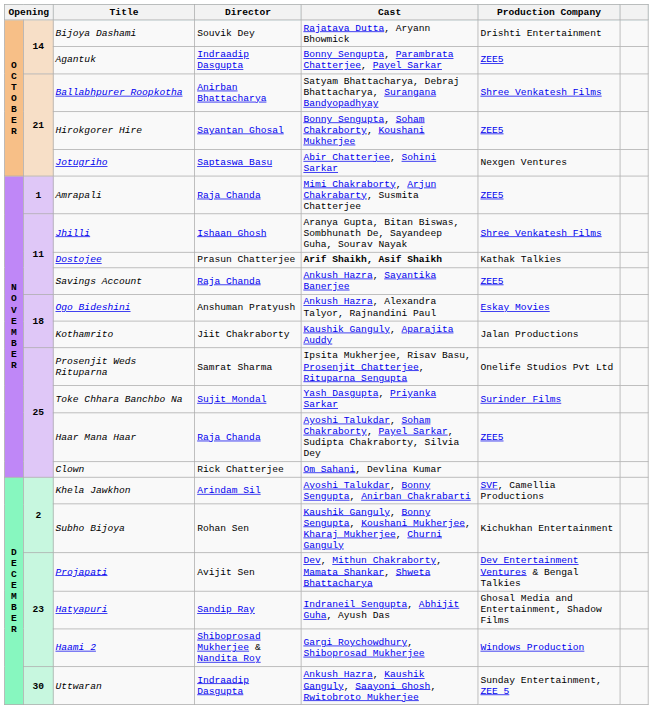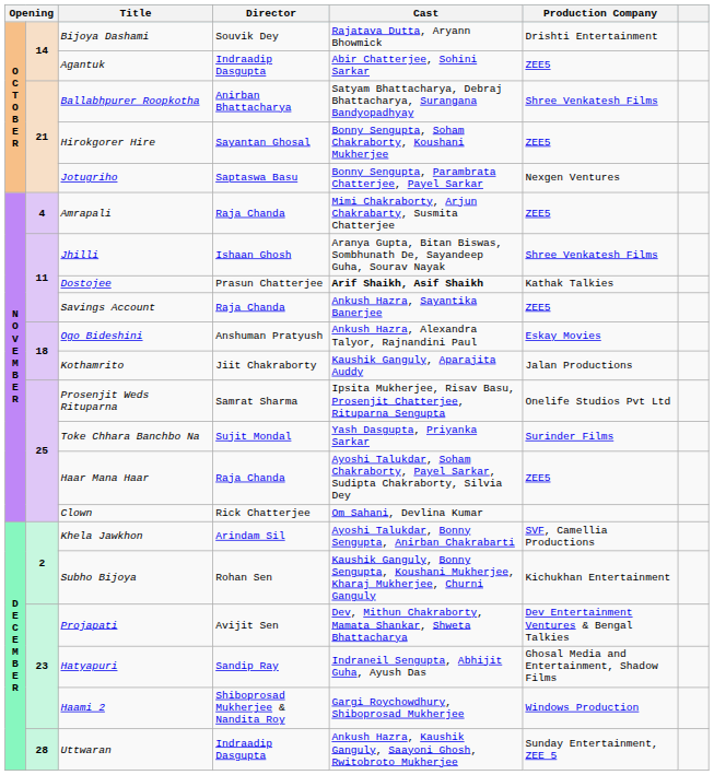 <table class="wikitable sortable">
 <tr style="background:#b0e0e6; text-align:center;">
 <th colspan="2" style="width:6%;"><strong>Opening</strong></th>
 <th style="width:20%;"><strong>Title</strong></th>
 <th style="width:15%;"><strong>Director</strong></th>
 <th style="width:25%;"><strong>Cast</strong></th>
 <th style="width:20%;">Production Company</th>
 <th style="width:4%;"><strong></strong></th>
 </tr>
 <tr>
 <th rowspan="5" style="text-align:center; background:#f7bf87; text color:#000;">O<br>C<br>T<br>O<br>B<br>E<br>R</th>
 <td rowspan="2" style="text-align:center; background:#f7dfc7"><strong>14</strong></td>
 <td><em>Bijoya Dashami</em></td>
 <td>Souvik Dey</td>
 <td><a href='#'>Rajatava Dutta</a>, Aryann Bhowmick</td>
 <td>Drishti Entertainment</td>
 <td></td>
 </tr>
 <tr>
 <td><em>Agantuk</em></td>
 <td><a href='#'>Indraadip Dasgupta</a></td>
-<td><a href='#'>Bonny Sengupta</a>, <a href='#'>Parambrata Chatterjee</a>, <a href='#'>Payel Sarkar</a></td>
+<td><a href='#'>Abir Chatterjee</a>, <a href='#'>Sohini Sarkar</a></td>
 <td><a href='#'>ZEE5</a></td>
 <td></td>
 </tr>
 <tr>
 <td rowspan="3" style="text-align:center; background:#f7dfc7"><strong>21</strong></td>
 <td><em><a href='#'>Ballabhpurer Roopkotha</a></em></td>
 <td><a href='#'>Anirban Bhattacharya</a></td>
 <td>Satyam Bhattacharya, Debraj Bhattacharya, <a href='#'>Surangana Bandyopadhyay</a></td>
 <td><a href='#'>Shree Venkatesh Films</a></td>
 <td></td>
 </tr>
 <tr>
 <td><em>Hirokgorer Hire</em></td>
 <td><a href='#'>Sayantan Ghosal</a></td>
 <td><a href='#'>Bonny Sengupta</a>, <a href='#'>Soham Chakraborty</a>, <a href='#'>Koushani Mukherjee</a></td>
 <td><a href='#'>ZEE5</a></td>
 <td></td>
 </tr>
 <tr>
 <td><em><a href='#'>Jotugriho</a></em></td>
 <td><a href='#'>Saptaswa Basu</a></td>
-<td><a href='#'>Abir Chatterjee</a>, <a href='#'>Sohini Sarkar</a></td>
+<td><a href='#'>Bonny Sengupta</a>, <a href='#'>Parambrata Chatterjee</a>, <a href='#'>Payel Sarkar</a></td>
 <td>Nexgen Ventures</td>
 <td></td>
 </tr>
 <tr>
 <th rowspan="10" style="text-align:center; background:#bf87f7">N<br>O<br>V<br>E<br>M<br>B<br>E<br>R<br></th>
-<td rowspan="1" style="text-align:center; background:#dfc7f7"><strong>1</strong></td>
+<td rowspan="1" style="text-align:center; background:#dfc7f7"><strong>4</strong></td>
 <td><em>Amrapali</em></td>
 <td><a href='#'>Raja Chanda</a></td>
 <td><a href='#'>Mimi Chakraborty</a>, <a href='#'>Arjun Chakrabarty</a>, Susmita Chatterjee</td>
 <td><a href='#'>ZEE5</a></td>
 <td></td>
 </tr>
 <tr>
 <td rowspan="3" style="text-align:center; background:#dfc7f7"><strong>11</strong></td>
 <td><em><a href='#'>Jhilli</a></em></td>
 <td><a href='#'>Ishaan Ghosh</a></td>
 <td>Aranya Gupta, Bitan Biswas, Sombhunath De, Sayandeep Guha, Sourav Nayak</td>
 <td><a href='#'>Shree Venkatesh Films</a></td>
 <td></td>
 </tr>
 <tr>
 <td><em><a href='#'>Dostojee</a></em></td>
 <td>Prasun Chatterjee</td>
 <td><strong>Arif Shaikh, Asif Shaikh</strong></td>
 <td>Kathak Talkies</td>
 <td></td>
 </tr>
 <tr>
 <td><em>Savings Account</em></td>
 <td><a href='#'>Raja Chanda</a></td>
 <td><a href='#'>Ankush Hazra</a>, <a href='#'>Sayantika Banerjee</a></td>
 <td><a href='#'>ZEE5</a></td>
 <td></td>
 </tr>
 <tr>
 <td rowspan="2" style="text-align:center; background:#dfc7f7"><strong>18</strong></td>
 <td><em><a href='#'>Ogo Bideshini</a></em></td>
 <td>Anshuman Pratyush</td>
 <td><a href='#'>Ankush Hazra</a>, Alexandra Talyor, Rajnandini Paul</td>
 <td><a href='#'>Eskay Movies</a></td>
 <td></td>
 </tr>
 <tr>
 <td><em>Kothamrito</em></td>
 <td>Jiit Chakraborty</td>
 <td><a href='#'>Kaushik Ganguly</a>, <a href='#'>Aparajita Auddy</a></td>
 <td>Jalan Productions</td>
 <td></td>
 </tr>
 <tr>
 <td rowspan="4" style="text-align:center; background:#dfc7f7"><strong>25</strong></td>
 <td><em>Prosenjit Weds Rituparna</em></td>
 <td>Samrat Sharma</td>
 <td>Ipsita Mukherjee, Risav Basu, <a href='#'>Prosenjit Chatterjee</a>, <a href='#'>Rituparna Sengupta</a></td>
 <td>Onelife Studios Pvt Ltd</td>
 <td></td>
 </tr>
 <tr>
 <td><em>Toke Chhara Banchbo Na</em></td>
 <td><a href='#'>Sujit Mondal</a></td>
 <td><a href='#'>Yash Dasgupta</a>, <a href='#'>Priyanka Sarkar</a></td>
 <td><a href='#'>Surinder Films</a></td>
 <td></td>
 </tr>
 <tr>
 <td><em>Haar Mana Haar</em></td>
 <td><a href='#'>Raja Chanda</a></td>
 <td><a href='#'>Ayoshi Talukdar</a>, <a href='#'>Soham Chakraborty</a>, <a href='#'>Payel Sarkar</a>, Sudipta Chakraborty, Silvia Dey</td>
 <td><a href='#'>ZEE5</a></td>
 <td></td>
 </tr>
 <tr>
 <td><em>Clown</em></td>
 <td>Rick Chatterjee</td>
 <td><a href='#'>Om Sahani</a>, Devlina Kumar</td>
 <td></td>
 <td></td>
 </tr>
 <tr>
 <th rowspan="7" style="text-align:center; background:#87f7bf">D<br>E<br>C<br>E<br>M<br>B<br>E<br>R</th>
 <td rowspan="2" style="text-align:center; background:#c7f7df"><strong>2</strong></td>
 <td><em>Khela Jawkhon</em></td>
 <td><a href='#'>Arindam Sil</a></td>
 <td><a href='#'>Ayoshi Talukdar</a>, <a href='#'>Bonny Sengupta</a>, <a href='#'>Anirban Chakrabarti</a></td>
 <td><a href='#'>SVF</a>, Camellia Productions</td>
 <td></td>
 </tr>
 <tr>
 <td><em>Subho Bijoya</em></td>
 <td>Rohan Sen</td>
 <td><a href='#'>Kaushik Ganguly</a>, <a href='#'>Bonny Sengupta</a>, <a href='#'>Koushani Mukherjee</a>, <a href='#'>Kharaj Mukherjee</a>, <a href='#'>Churni Ganguly</a></td>
 <td>Kichukhan Entertainment</td>
 <td></td>
 </tr>
 <tr>
 <td rowspan="3" style="text-align:center; background:#c7f7df"><strong>23</strong></td>
 <td><em><a href='#'>Projapati</a></em></td>
 <td>Avijit Sen</td>
 <td><a href='#'>Dev</a>, <a href='#'>Mithun Chakraborty</a>, <a href='#'>Mamata Shankar</a>, <a href='#'>Shweta Bhattacharya</a></td>
 <td><a href='#'>Dev Entertainment Ventures</a> & Bengal Talkies</td>
 <td></td>
 </tr>
 <tr>
 <td><em><a href='#'>Hatyapuri</a></em></td>
 <td><a href='#'>Sandip Ray</a></td>
 <td><a href='#'>Indraneil Sengupta</a>, <a href='#'>Abhijit Guha</a>, Ayush Das</td>
 <td>Ghosal Media and Entertainment, Shadow Films</td>
 <td></td>
 </tr>
 <tr>
 <td><em><a href='#'>Haami 2</a></em></td>
 <td><a href='#'>Shiboprosad Mukherjee</a> & <a href='#'>Nandita Roy</a></td>
 <td><a href='#'>Gargi Roychowdhury</a>, <a href='#'>Shiboprosad Mukherjee</a></td>
 <td><a href='#'>Windows Production</a></td>
 <td></td>
 </tr>
 <tr>
-<td rowspan="1" style="text-align:center; background:#c7f7df"><strong>30</strong></td>
+<td rowspan="1" style="text-align:center; background:#c7f7df"><strong>28</strong></td>
 <td><em>Uttwaran</em></td>
 <td><a href='#'>Indraadip Dasgupta</a></td>
 <td><a href='#'>Ankush Hazra</a>, <a href='#'>Kaushik Ganguly</a>, <a href='#'>Saayoni Ghosh</a>, <a href='#'>Rwitobroto Mukherjee</a></td>
 <td>Sunday Entertainment, <a href='#'>ZEE 5</a></td>
 <td></td>
 </tr>
 </table>
